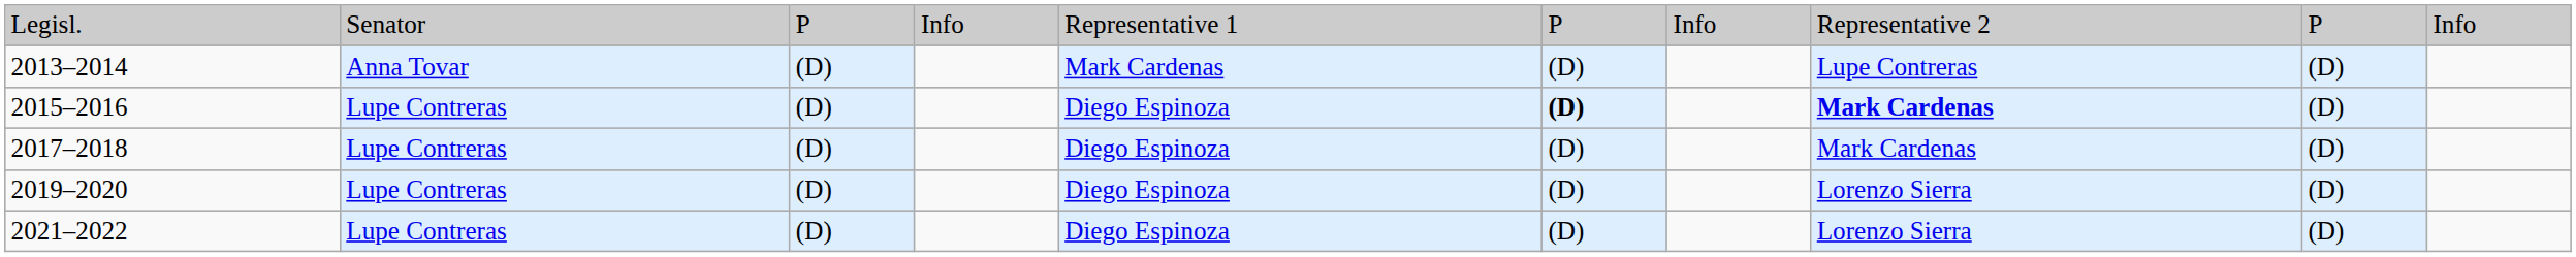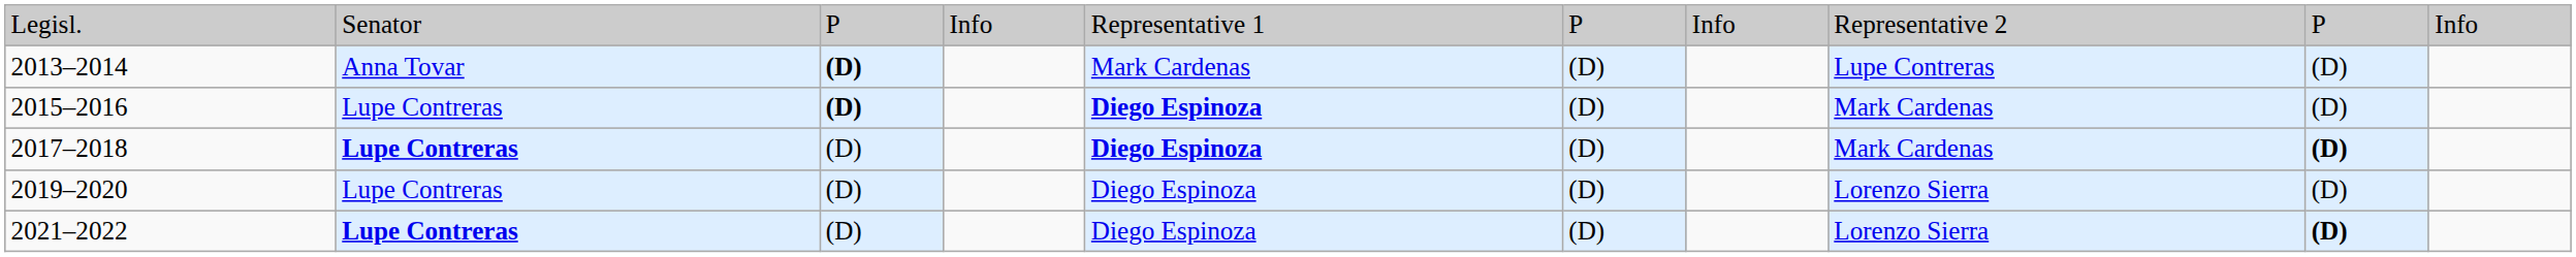 <table class=wikitable width="100%" border="1">
 <tr style="background-color:#cccccc;">
 <td>Legisl.</td>
 <td>Senator</td>
 <td>P</td>
 <td>Info</td>
 <td>Representative 1</td>
 <td>P</td>
 <td>Info</td>
 <td>Representative 2</td>
 <td>P</td>
 <td>Info</td>
 </tr>
 <tr>
 <td>2013–2014</td>
 <td style="background:#DDEEFF"><a href='#'>Anna Tovar</a></td>
-<td style="background:#DDEEFF">(D)</td>
+<td style="background:#DDEEFF"><strong>(D)</strong></td>
 <td></td>
 <td style="background:#DDEEFF"><a href='#'>Mark Cardenas</a></td>
 <td style="background:#DDEEFF">(D)</td>
 <td></td>
 <td style="background:#DDEEFF"><a href='#'>Lupe Contreras</a></td>
 <td style="background:#DDEEFF">(D)</td>
 <td></td>
 </tr>
 <tr>
 <td>2015–2016</td>
 <td style="background:#DDEEFF"><a href='#'>Lupe Contreras</a></td>
+<td style="background:#DDEEFF"><strong>(D)</strong></td>
+<td></td>
+<td style="background:#DDEEFF"><strong><a href='#'>Diego Espinoza</a></strong></td>
 <td style="background:#DDEEFF">(D)</td>
 <td></td>
-<td style="background:#DDEEFF"><a href='#'>Diego Espinoza</a></td>
-<td style="background:#DDEEFF"><strong>(D)</strong></td>
-<td></td>
-<td style="background:#DDEEFF"><strong><a href='#'>Mark Cardenas</a></strong></td>
+<td style="background:#DDEEFF"><a href='#'>Mark Cardenas</a></td>
 <td style="background:#DDEEFF">(D)</td>
 <td></td>
 </tr>
 <tr>
 <td>2017–2018</td>
-<td style="background:#DDEEFF"><a href='#'>Lupe Contreras</a></td>
+<td style="background:#DDEEFF"><strong><a href='#'>Lupe Contreras</a></strong></td>
 <td style="background:#DDEEFF">(D)</td>
 <td></td>
-<td style="background:#DDEEFF"><a href='#'>Diego Espinoza</a></td>
+<td style="background:#DDEEFF"><strong><a href='#'>Diego Espinoza</a></strong></td>
 <td style="background:#DDEEFF">(D)</td>
 <td></td>
 <td style="background:#DDEEFF"><a href='#'>Mark Cardenas</a></td>
-<td style="background:#DDEEFF">(D)</td>
+<td style="background:#DDEEFF"><strong>(D)</strong></td>
 <td></td>
 </tr>
 <tr>
 <td>2019–2020</td>
 <td style="background:#DDEEFF"><a href='#'>Lupe Contreras</a></td>
 <td style="background:#DDEEFF">(D)</td>
 <td></td>
 <td style="background:#DDEEFF"><a href='#'>Diego Espinoza</a></td>
 <td style="background:#DDEEFF">(D)</td>
 <td></td>
 <td style="background:#DDEEFF"><a href='#'>Lorenzo Sierra</a></td>
 <td style="background:#DDEEFF">(D)</td>
 <td></td>
 </tr>
 <tr>
 <td>2021–2022</td>
-<td style="background:#DDEEFF"><a href='#'>Lupe Contreras</a></td>
+<td style="background:#DDEEFF"><strong><a href='#'>Lupe Contreras</a></strong></td>
 <td style="background:#DDEEFF">(D)</td>
 <td></td>
 <td style="background:#DDEEFF"><a href='#'>Diego Espinoza</a></td>
 <td style="background:#DDEEFF">(D)</td>
 <td></td>
 <td style="background:#DDEEFF"><a href='#'>Lorenzo Sierra</a></td>
-<td style="background:#DDEEFF">(D)</td>
+<td style="background:#DDEEFF"><strong>(D)</strong></td>
 <td></td>
 </tr>
 </table>
